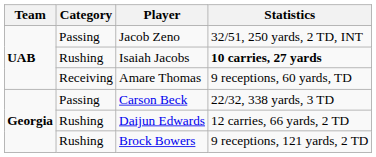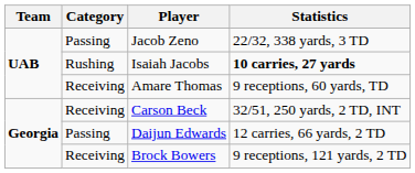 <table class="wikitable" style="float: right;">
 <tr>
 <th>Team</th>
 <th>Category</th>
 <th>Player</th>
 <th>Statistics</th>
 </tr>
 <tr>
 <td rowspan=3><strong>UAB</strong></td>
 <td>Passing</td>
 <td>Jacob Zeno</td>
-<td>32/51, 250 yards, 2 TD, INT</td>
+<td>22/32, 338 yards, 3 TD</td>
 </tr>
 <tr>
 <td>Rushing</td>
 <td>Isaiah Jacobs</td>
 <td><strong>10 carries, 27 yards</strong></td>
 </tr>
 <tr>
 <td>Receiving</td>
 <td>Amare Thomas</td>
 <td>9 receptions, 60 yards, TD</td>
 </tr>
 <tr>
 <td rowspan=3><strong>Georgia</strong></td>
-<td>Passing</td>
+<td>Receiving</td>
 <td><a href='#'>Carson Beck</a></td>
-<td>22/32, 338 yards, 3 TD</td>
+<td>32/51, 250 yards, 2 TD, INT</td>
 </tr>
 <tr>
-<td>Rushing</td>
+<td>Passing</td>
 <td><a href='#'>Daijun Edwards</a></td>
 <td>12 carries, 66 yards, 2 TD</td>
 </tr>
 <tr>
-<td>Rushing</td>
+<td>Receiving</td>
 <td><a href='#'>Brock Bowers</a></td>
 <td>9 receptions, 121 yards, 2 TD</td>
 </tr>
 </table>
